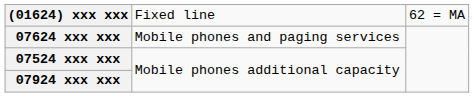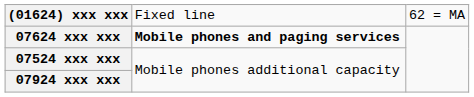 <table class="wikitable" style="margin-left: 1.5em;">
 <tr>
 <th scope="row" style="min-width: 8em;">(01624) xxx xxx</th>
 <td style="min-width: 20em;">Fixed line</td>
 <td style="min-width: 4em;">62 = MA</td>
 </tr>
 <tr>
 <th>07624 xxx xxx</th>
-<td>Mobile phones and paging services</td>
+<td><strong>Mobile phones and paging services</strong></td>
 <td rowspan="3"></td>
 </tr>
 <tr>
 <th>07524 xxx xxx</th>
 <td rowspan=2>Mobile phones additional capacity</td>
 </tr>
 <tr>
 <th>07924 xxx xxx</th>
 </tr>
 </table>
